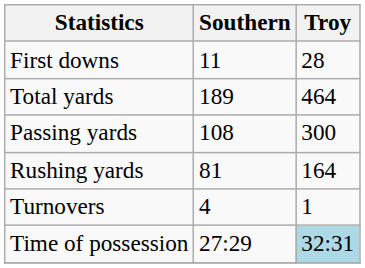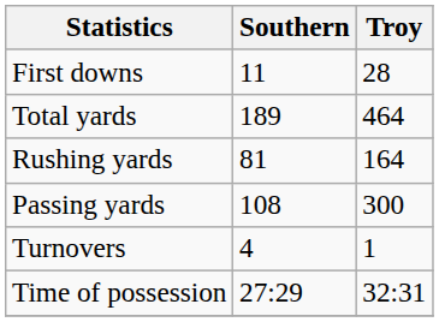 <table class="wikitable">
 <tr>
 <th>Statistics</th>
 <th>Southern</th>
 <th>Troy</th>
 </tr>
 <tr>
 <td>First downs</td>
 <td>11</td>
 <td>28</td>
 </tr>
 <tr>
 <td>Total yards</td>
 <td>189</td>
 <td>464</td>
 </tr>
 <tr>
+<td>Rushing yards</td>
+<td>81</td>
+<td>164</td>
+</tr>
+<tr>
 <td>Passing yards</td>
 <td>108</td>
 <td>300</td>
-</tr>
-<tr>
-<td>Rushing yards</td>
-<td>81</td>
-<td>164</td>
 </tr>
 <tr>
 <td>Turnovers</td>
 <td>4</td>
 <td>1</td>
 </tr>
 <tr>
 <td>Time of possession</td>
 <td>27:29</td>
-<td style="background: lightblue;">32:31</td>
+<td>32:31</td>
 </tr>
 <tr>
 </tr>
 </table>
